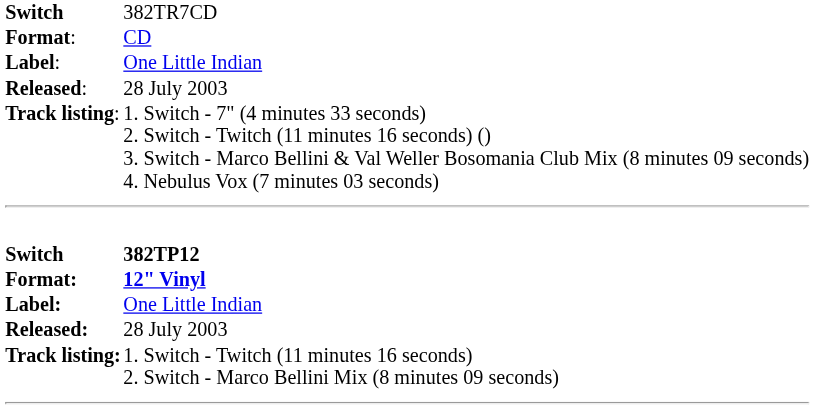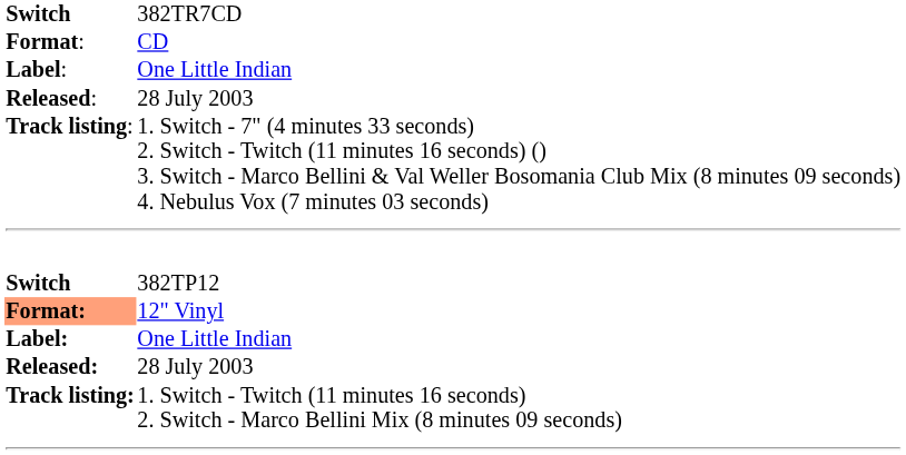 <table cellspacing="0" cellpadding="1" border="0">
 <tr>
 <td valign="top"><strong>Switch</strong></td>
 <td valign="top">382TR7CD</td>
 </tr>
 <tr>
 <td valign="top"><strong>Format</strong>:</td>
 <td valign="top"><a href='#'>CD</a></td>
 </tr>
 <tr>
 <td valign="top"><strong>Label</strong>:</td>
 <td valign="top"><a href='#'>One Little Indian</a></td>
 </tr>
 <tr>
 <td valign="top"><strong>Released</strong>:</td>
 <td valign="top">28 July 2003</td>
 </tr>
 <tr>
 <td valign="top"><strong>Track listing</strong>:</td>
 <td valign="top">1. Switch - 7" (4 minutes 33 seconds)<br>2. Switch - Twitch (11 minutes 16 seconds) ()<br>3. Switch - Marco Bellini & Val Weller Bosomania Club Mix (8 minutes 09 seconds)<br>4. Nebulus Vox (7 minutes 03 seconds)</td>
 </tr>
 <tr>
 <td colspan="3"><hr><br></td>
 </tr>
 <tr>
 <td valign="top"><strong>Switch</strong></td>
-<td valign="top"><strong>382TP12</strong></td>
+<td valign="top">382TP12</td>
 </tr>
 <tr>
-<td valign="top"><strong>Format:</strong></td>
-<td valign="top"><strong><a href='#'>12" Vinyl</a></strong></td>
+<td valign="top" style="background: lightsalmon;"><strong>Format:</strong></td>
+<td valign="top"><a href='#'>12" Vinyl</a></td>
 </tr>
 <tr>
 <td valign="top"><strong>Label:</strong></td>
 <td valign="top"><a href='#'>One Little Indian</a></td>
 </tr>
 <tr>
 <td valign="top"><strong>Released:</strong></td>
 <td valign="top">28 July 2003</td>
 </tr>
 <tr>
 <td valign="top"><strong>Track listing:</strong></td>
 <td valign="top">1. Switch - Twitch (11 minutes 16 seconds)<br>2. Switch - Marco Bellini Mix (8 minutes 09 seconds)</td>
 </tr>
 <tr>
 <td colspan="3"><hr></td>
 </tr>
 </table>
